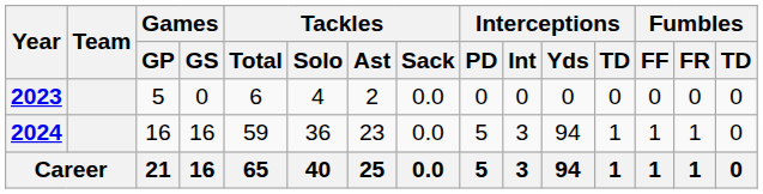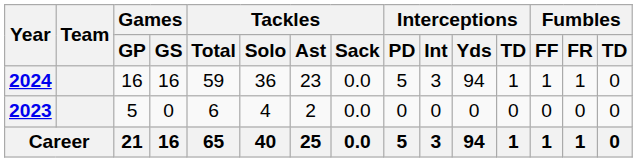 <table class="wikitable" style="text-align:center;">
 <tr>
 <th rowspan="2">Year</th>
 <th rowspan="2">Team</th>
 <th colspan="2">Games</th>
 <th colspan="4">Tackles</th>
 <th colspan="4">Interceptions</th>
 <th colspan="3">Fumbles</th>
 </tr>
 <tr>
 <th>GP</th>
 <th>GS</th>
 <th>Total</th>
 <th>Solo</th>
 <th>Ast</th>
 <th>Sack</th>
 <th>PD</th>
 <th>Int</th>
 <th>Yds</th>
 <th>TD</th>
 <th>FF</th>
 <th>FR</th>
 <th>TD</th>
 </tr>
 <tr>
+<th><a href='#'>2024</a></th>
+<th><a href='#'></a></th>
+<td>16</td>
+<td>16</td>
+<td>59</td>
+<td>36</td>
+<td>23</td>
+<td>0.0</td>
+<td>5</td>
+<td>3</td>
+<td>94</td>
+<td>1</td>
+<td>1</td>
+<td>1</td>
+<td>0</td>
+</tr>
+<tr>
 <th><a href='#'>2023</a></th>
 <th><a href='#'></a></th>
 <td>5</td>
 <td>0</td>
 <td>6</td>
 <td>4</td>
 <td>2</td>
 <td>0.0</td>
 <td>0</td>
 <td>0</td>
 <td>0</td>
 <td>0</td>
 <td>0</td>
 <td>0</td>
-<td>0</td>
-</tr>
-<tr>
-<th><a href='#'>2024</a></th>
-<th><a href='#'></a></th>
-<td>16</td>
-<td>16</td>
-<td>59</td>
-<td>36</td>
-<td>23</td>
-<td>0.0</td>
-<td>5</td>
-<td>3</td>
-<td>94</td>
-<td>1</td>
-<td>1</td>
-<td>1</td>
 <td>0</td>
 </tr>
 <tr>
 <th align=center colspan="2">Career</th>
 <th>21</th>
 <th>16</th>
 <th>65</th>
 <th>40</th>
 <th>25</th>
 <th>0.0</th>
 <th>5</th>
 <th>3</th>
 <th>94</th>
 <th>1</th>
 <th>1</th>
 <th>1</th>
 <th>0</th>
 </tr>
 </table>
